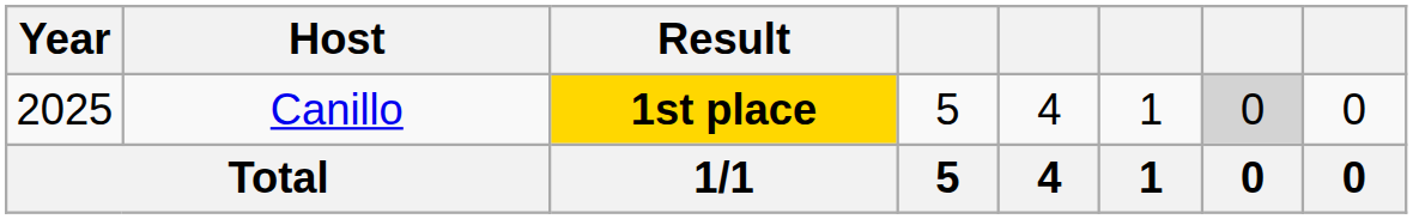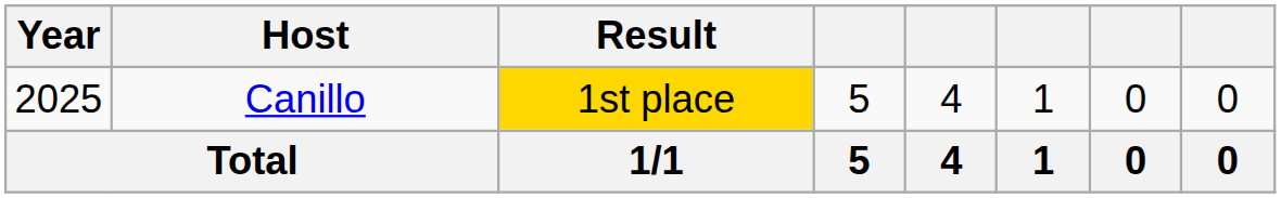 <table class="wikitable" style="text-align:center">
 <tr>
 <th width=30>Year</th>
 <th width=150>Host</th>
 <th width=120>Result</th>
 <th width=30></th>
 <th width=30></th>
 <th width=30></th>
 <th width=30></th>
 <th width=30></th>
 </tr>
 <tr>
 <td>2025</td>
 <td> <a href='#'>Canillo</a></td>
-<td bgcolor="gold"><strong> 1st place</strong></td>
+<td bgcolor="gold"> 1st place</td>
 <td>5</td>
 <td>4</td>
 <td>1</td>
-<td style="background: lightgrey;">0</td>
+<td>0</td>
 <td>0</td>
 </tr>
 <tr>
 <th colspan=2>Total</th>
 <th>1/1</th>
 <th>5</th>
 <th>4</th>
 <th>1</th>
 <th>0</th>
 <th>0</th>
 </tr>
 </table>
